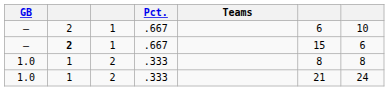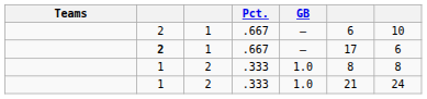 <table class="wikitable" style="text-align: center;">
 <tr>
-<th style="width: 50px;"><a href='#'>GB</a></th>
+<th style="width: 150px;">Teams</th>
 <th style="width: 50px;"></th>
 <th style="width: 50px;"></th>
 <th style="width: 50px;"><a href='#'>Pct.</a></th>
-<th style="width: 150px;">Teams</th>
+<th style="width: 50px;"><a href='#'>GB</a></th>
 <th style="width: 50px;"></th>
 <th style="width: 50px;"></th>
 </tr>
 <tr style="background: ;">
-<td>–</td>
+<td style="text-align: left;"></td>
 <td>2</td>
 <td>1</td>
 <td>.667</td>
-<td style="text-align: left;"></td>
+<td>–</td>
 <td>6</td>
 <td>10</td>
 </tr>
 <tr style="background: ;">
-<td>–</td>
+<td style="text-align: left;"></td>
 <td><strong>2</strong></td>
 <td>1</td>
 <td>.667</td>
-<td style="text-align: left;"></td>
-<td>15</td>
+<td>–</td>
+<td>17</td>
 <td>6</td>
 </tr>
 <tr style="background: ;">
-<td>1.0</td>
+<td style="text-align: left;"></td>
 <td>1</td>
 <td>2</td>
 <td>.333</td>
-<td style="text-align: left;"></td>
+<td>1.0</td>
 <td>8</td>
 <td>8</td>
 </tr>
 <tr style="background: ;">
-<td>1.0</td>
+<td style="text-align: left;"></td>
 <td>1</td>
 <td>2</td>
 <td>.333</td>
-<td style="text-align: left;"></td>
+<td>1.0</td>
 <td>21</td>
 <td>24</td>
 </tr>
 </table>
